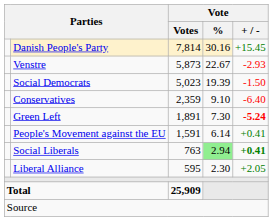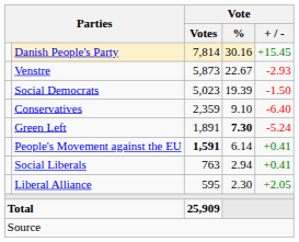 <table class="wikitable" style="text-align:right;">
 <tr>
 <th style="text-align:centre;" rowspan="2" colspan="2" width="225">Parties</th>
 <th colspan="3">Vote</th>
 </tr>
 <tr>
 <th width="15">Votes</th>
 <th width="15">%</th>
 <th width="15">+ / -</th>
 </tr>
 <tr>
 <td width="2" style="color:inherit;background:"></td>
 <td bgcolor=#fef2cc   align="left"><a href='#'>Danish People's Party</a></td>
 <td bgcolor=#fef2cc>7,814</td>
 <td bgcolor=#fef2cc>30.16</td>
 <td style=color:green;>+15.45</td>
 </tr>
 <tr>
 <td width="2" style="color:inherit;background:"></td>
 <td align="left"><a href='#'>Venstre</a></td>
 <td>5,873</td>
 <td>22.67</td>
 <td style=color:red;>-2.93</td>
 </tr>
 <tr>
 <td width="2" style="color:inherit;background:"></td>
 <td align="left"><a href='#'>Social Democrats</a></td>
 <td>5,023</td>
 <td>19.39</td>
 <td style=color:red;>-1.50</td>
 </tr>
 <tr>
 <td width="2" style="color:inherit;background:"></td>
 <td align="left"><a href='#'>Conservatives</a></td>
 <td>2,359</td>
 <td>9.10</td>
 <td style=color:red;>-6.40</td>
 </tr>
 <tr>
 <td width="2" style="color:inherit;background:"></td>
 <td align="left"><a href='#'>Green Left</a></td>
 <td>1,891</td>
-<td>7.30</td>
-<td style=color:red;><strong>-5.24</strong></td>
+<td><strong>7.30</strong></td>
+<td style=color:red;>-5.24</td>
 </tr>
 <tr>
 <td width="2" style="color:inherit;background:"></td>
 <td align="left"><a href='#'>People's Movement against the EU</a></td>
-<td>1,591</td>
+<td><strong>1,591</strong></td>
 <td>6.14</td>
 <td style=color:green;>+0.41</td>
 </tr>
 <tr>
 <td width="2" style="color:inherit;background:"></td>
 <td align="left"><a href='#'>Social Liberals</a></td>
 <td>763</td>
-<td style="background: lightgreen;">2.94</td>
-<td style=color:green;><strong>+0.41</strong></td>
+<td>2.94</td>
+<td style=color:green;>+0.41</td>
 </tr>
 <tr>
 <td width="2" style="color:inherit;background:"></td>
 <td align="left"><a href='#'>Liberal Alliance</a></td>
 <td>595</td>
 <td>2.30</td>
 <td style=color:green;>+2.05</td>
 </tr>
 <tr>
 <td colspan="7" bgcolor="#E9E9E9"></td>
 </tr>
 <tr>
 <td align="left" colspan="2"><strong>Total</strong></td>
 <td><strong>25,909</strong></td>
 <td bgcolor="#E9E9E9" colspan="2"></td>
 </tr>
 <tr>
 <td align="left" colspan="6">Source</td>
 </tr>
 </table>
